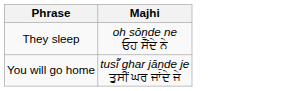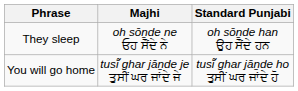 <table class="wikitable" style="text-align:center">
 <tr>
 <th>Phrase</th>
 <th>Majhi</th>
+<th>Standard Punjabi</th>
 </tr>
 <tr>
 <td>They sleep</td>
 <td><em>oh sōṉde ne</em><br>ਓਹ ਸੌਂਦੇ ਨੇ<br> </td>
+<td><em>oh sōṉde han</em><br>ਉਹ ਸੌਂਦੇ ਹਨ<br> </td>
 </tr>
 <tr>
 <td>You will go home</td>
 <td><em>tusī̃ ghar jāṉde je</em><br>ਤੁਸੀਂ ਘਰ ਜਾਂਦੇ ਜੇ<br> </td>
+<td><em>tusī̃ ghar jāṉde ho</em><br>ਤੁਸੀਂ ਘਰ ਜਾਂਦੇ ਹੋ<br> </td>
 </tr>
 </table>
